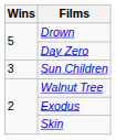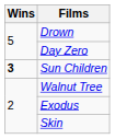 <table class="wikitable">
 <tr>
 <th>Wins</th>
 <th>Films</th>
 </tr>
 <tr>
 <td rowspan="2">5</td>
 <td><em><a href='#'>Drown</a></em></td>
 </tr>
 <tr>
 <td><a href='#'><em>Day Zero</em></a></td>
 </tr>
 <tr>
-<td>3</td>
+<td><strong>3</strong></td>
 <td><em><a href='#'>Sun Children</a></em></td>
 </tr>
 <tr>
 <td rowspan="3">2</td>
 <td><em><a href='#'>Walnut Tree</a></em></td>
 </tr>
 <tr>
 <td><a href='#'><em>Exodus</em></a></td>
 </tr>
 <tr>
 <td><a href='#'><em>Skin</em></a></td>
 </tr>
 </table>
